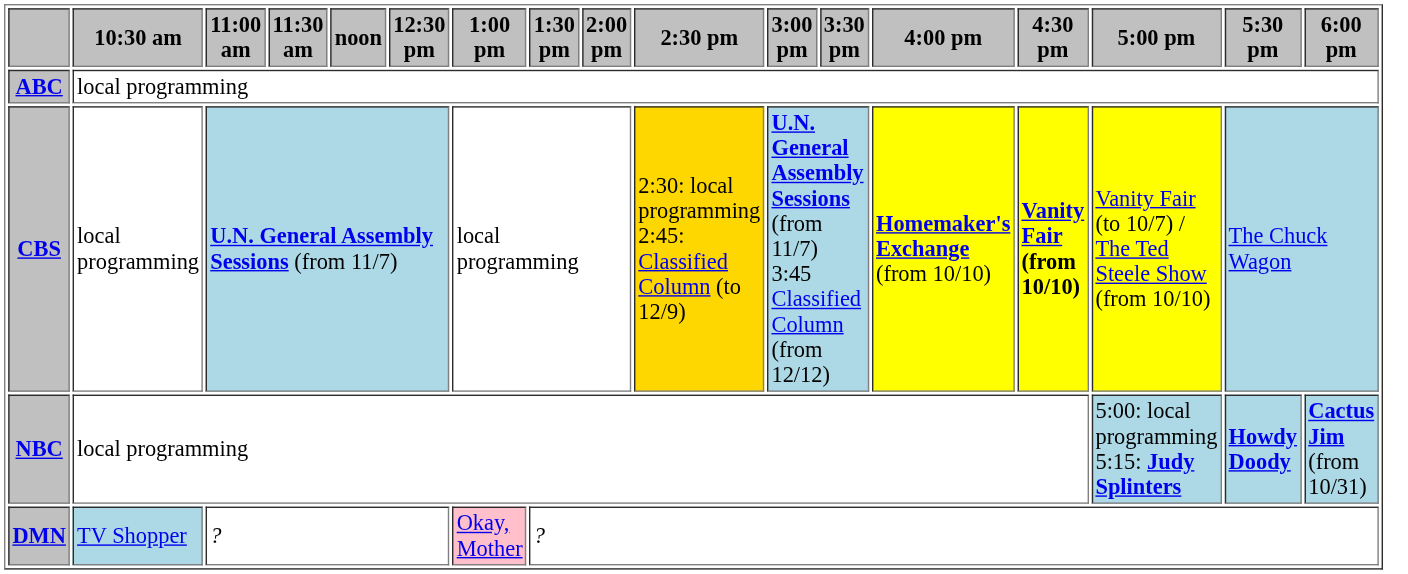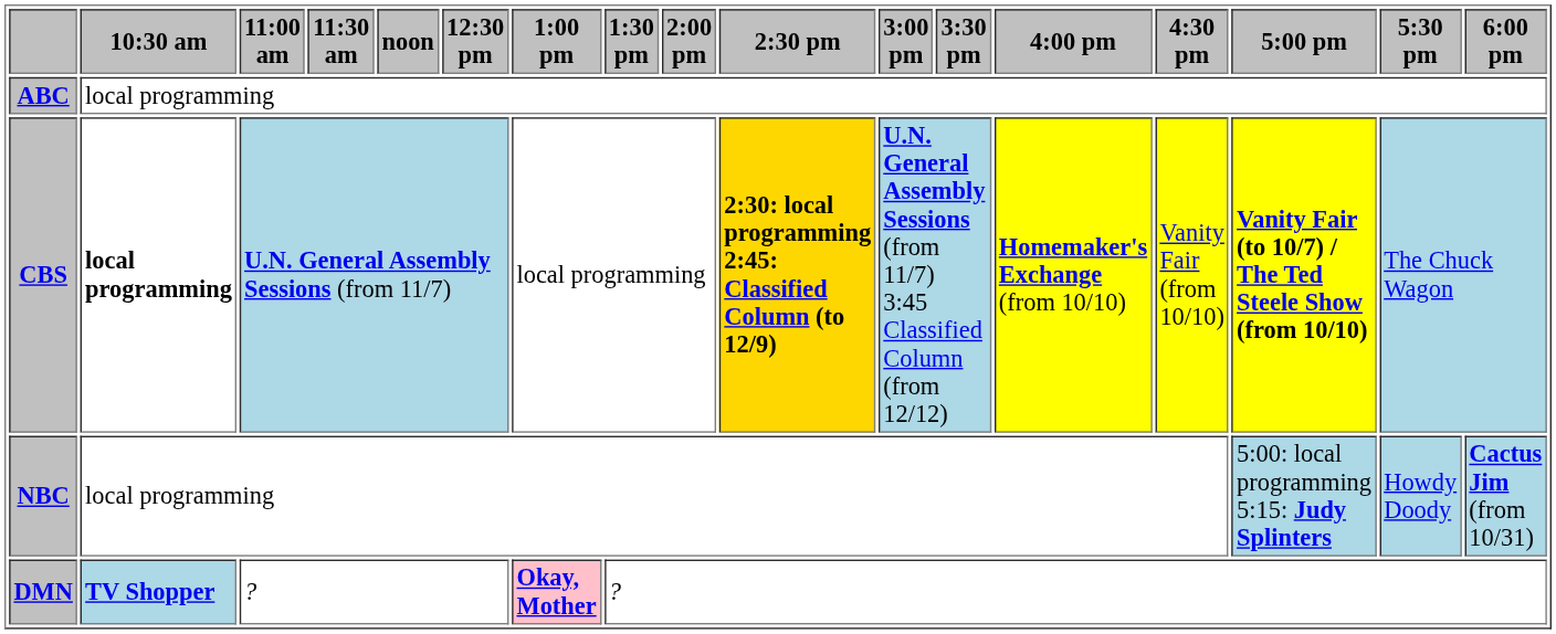 <table border="1" cellpadding="2">
 <tr>
 <th bgcolor="#C0C0C0"> </th>
 <th width="13%" bgcolor="#C0C0C0">10:30 am</th>
 <th width="14%" bgcolor="#C0C0C0">11:00 am</th>
 <th width="13%" bgcolor="#C0C0C0">11:30 am</th>
 <th width="14%" bgcolor="#C0C0C0">noon</th>
 <th width="13%" bgcolor="#C0C0C0">12:30 pm</th>
 <th width="14%" bgcolor="#C0C0C0">1:00 pm</th>
 <th width="13%" bgcolor="#C0C0C0">1:30 pm</th>
 <th width="14%" bgcolor="#C0C0C0">2:00 pm</th>
 <th width="13%" bgcolor="#C0C0C0">2:30 pm</th>
 <th width="14%" bgcolor="#C0C0C0">3:00 pm</th>
 <th width="13%" bgcolor="#C0C0C0">3:30 pm</th>
 <th width="14%" bgcolor="#C0C0C0">4:00 pm</th>
 <th width="13%" bgcolor="#C0C0C0">4:30 pm</th>
 <th width="14%" bgcolor="#C0C0C0">5:00 pm</th>
 <th width="13%" bgcolor="#C0C0C0">5:30 pm</th>
 <th width="14%" bgcolor="#C0C0C0">6:00 pm</th>
 </tr>
 <tr>
 <th bgcolor="#C0C0C0"><a href='#'>ABC</a></th>
 <td bgcolor="white" colspan="16">local programming</td>
 </tr>
 <tr>
 <th bgcolor="#C0C0C0"><a href='#'>CBS</a></th>
-<td bgcolor="white">local programming</td>
+<td bgcolor="white"><strong>local programming</strong></td>
 <td bgcolor="lightblue" colspan="4"><strong><a href='#'>U.N. General Assembly Sessions</a></strong> (from 11/7)</td>
 <td bgcolor="white" colspan="3">local programming</td>
-<td bgcolor="gold">2:30: local programming<br>2:45: <a href='#'>Classified Column</a> (to 12/9)</td>
+<td bgcolor="gold"><strong>2:30: local programming<br>2:45: <a href='#'>Classified Column</a> (to 12/9)</strong></td>
 <td bgcolor="lightblue" colspan="2"><strong><a href='#'>U.N. General Assembly Sessions</a></strong> (from 11/7)<br>3:45 <a href='#'>Classified Column</a> (from 12/12)</td>
 <td bgcolor="yellow"><strong><a href='#'>Homemaker's Exchange</a></strong> (from 10/10)</td>
-<td bgcolor="yellow"><strong><a href='#'>Vanity Fair</a> (from 10/10)</strong></td>
-<td bgcolor="yellow"><a href='#'>Vanity Fair</a> (to 10/7) / <a href='#'>The Ted Steele Show</a> (from 10/10)</td>
+<td bgcolor="yellow"><a href='#'>Vanity Fair</a> (from 10/10)</td>
+<td bgcolor="yellow"><strong><a href='#'>Vanity Fair</a> (to 10/7) / <a href='#'>The Ted Steele Show</a> (from 10/10)</strong></td>
 <td bgcolor="lightblue" colspan="2"><a href='#'>The Chuck Wagon</a></td>
 </tr>
 <tr>
 <th bgcolor="#C0C0C0"><a href='#'>NBC</a></th>
 <td bgcolor="white" colspan="13">local programming</td>
 <td bgcolor="lightblue">5:00: local programming<br>5:15: <strong><a href='#'>Judy Splinters</a></strong></td>
-<td bgcolor="lightblue"><strong><a href='#'>Howdy Doody</a></strong></td>
+<td bgcolor="lightblue"><a href='#'>Howdy Doody</a></td>
 <td bgcolor="lightblue"><strong><a href='#'>Cactus Jim</a></strong> (from 10/31)</td>
 </tr>
 <tr>
 <th bgcolor="#C0C0C0"><a href='#'>DMN</a></th>
-<td bgcolor="lightblue"><a href='#'>TV Shopper</a></td>
+<td bgcolor="lightblue"><strong><a href='#'>TV Shopper</a></strong></td>
 <td bgcolor="white" colspan="4"><em>?</em></td>
-<td bgcolor="pink"><a href='#'>Okay, Mother</a></td>
+<td bgcolor="pink"><strong><a href='#'>Okay, Mother</a></strong></td>
 <td bgcolor="white" colspan="10"><em>?</em></td>
 </tr>
 </table>
